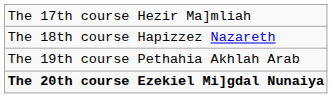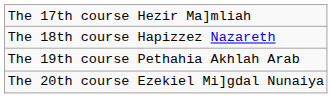 <table class="wikitable">
 <tr>
 <td>The 17th course Hezir Ma]mliah<br></td>
 </tr>
 <tr>
 <td>The 18th course Hapizzez <a href='#'>Nazareth</a><br></td>
 </tr>
 <tr>
 <td>The 19th course Pethahia Akhlah Arab<br></td>
 </tr>
 <tr>
-<td><strong>The 20th course Ezekiel Mi]gdal Nunaiya<br></strong></td>
+<td>The 20th course Ezekiel Mi]gdal Nunaiya<br></td>
 </tr>
 </table>
